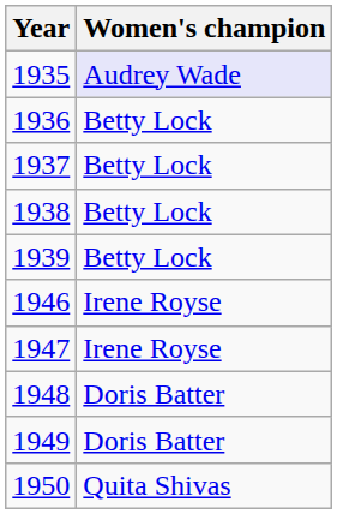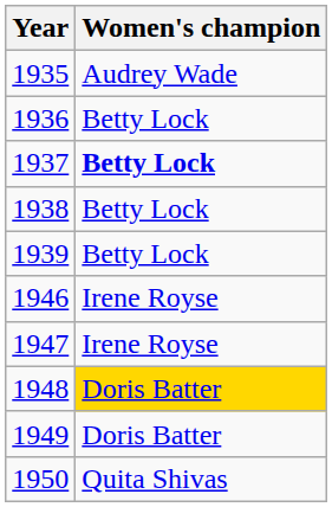 <table class="wikitable">
 <tr>
 <th>Year</th>
 <th>Women's champion</th>
 </tr>
 <tr>
 <td><a href='#'>1935</a></td>
-<td style="background: lavender;"><a href='#'>Audrey Wade</a></td>
+<td><a href='#'>Audrey Wade</a></td>
 </tr>
 <tr>
 <td><a href='#'>1936</a></td>
 <td><a href='#'>Betty Lock</a></td>
 </tr>
 <tr>
 <td><a href='#'>1937</a></td>
-<td><a href='#'>Betty Lock</a></td>
+<td><strong><a href='#'>Betty Lock</a></strong></td>
 </tr>
 <tr>
 <td><a href='#'>1938</a></td>
 <td><a href='#'>Betty Lock</a></td>
 </tr>
 <tr>
 <td><a href='#'>1939</a></td>
 <td><a href='#'>Betty Lock</a></td>
 </tr>
 <tr>
 <td><a href='#'>1946</a></td>
 <td><a href='#'>Irene Royse</a></td>
 </tr>
 <tr>
 <td><a href='#'>1947</a></td>
 <td><a href='#'>Irene Royse</a></td>
 </tr>
 <tr>
 <td><a href='#'>1948</a></td>
-<td><a href='#'>Doris Batter</a></td>
+<td style="background: gold;"><a href='#'>Doris Batter</a></td>
 </tr>
 <tr>
 <td><a href='#'>1949</a></td>
 <td><a href='#'>Doris Batter</a></td>
 </tr>
 <tr>
 <td><a href='#'>1950</a></td>
 <td><a href='#'>Quita Shivas</a></td>
 </tr>
 </table>
